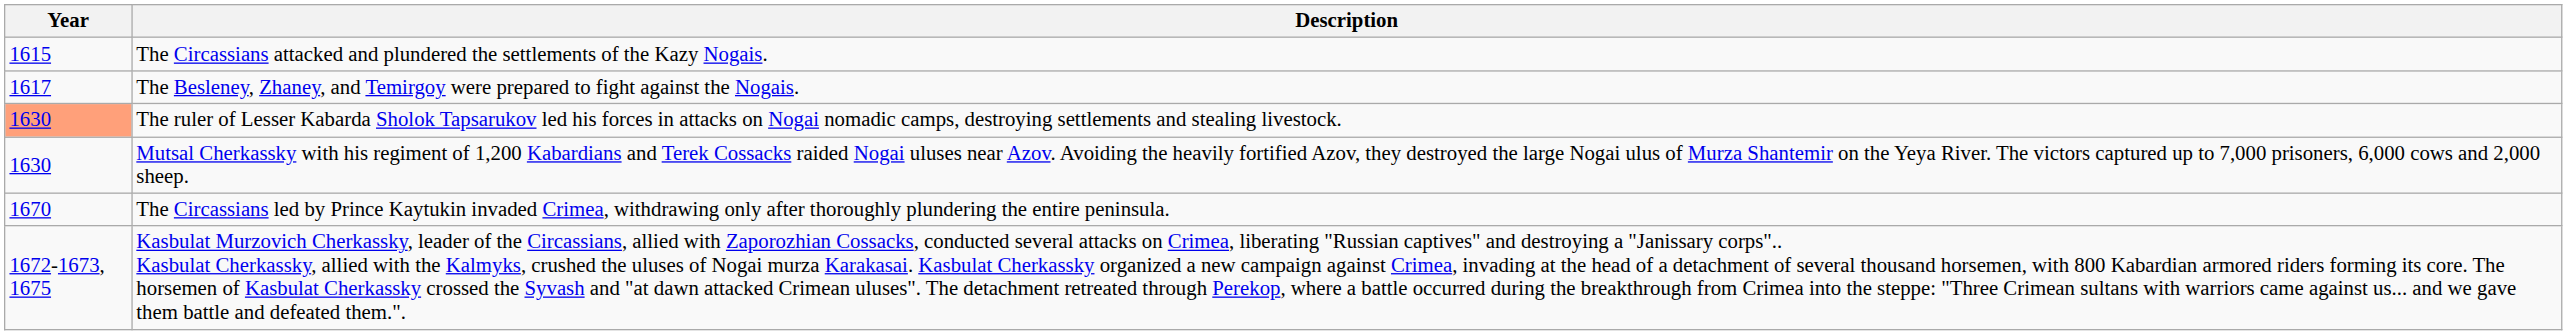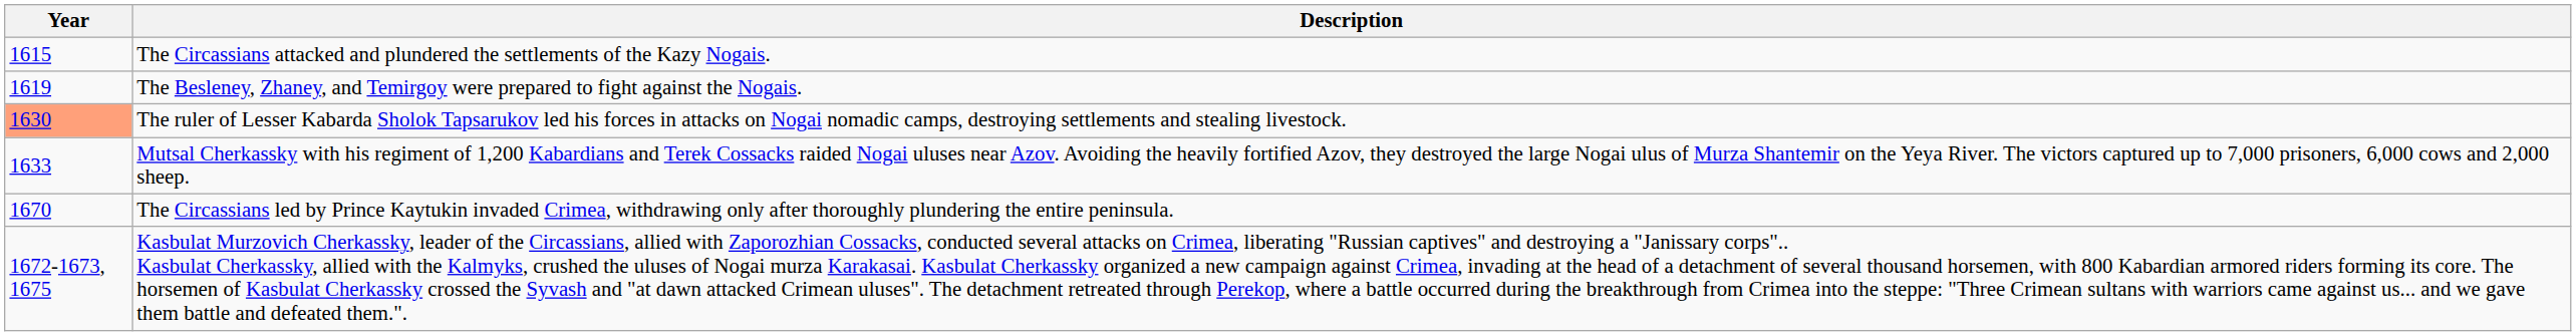 <table class="wikitable">
 <tr>
 <th>Year</th>
 <th>Description</th>
 </tr>
 <tr>
 <td><a href='#'>1615</a></td>
 <td>The <a href='#'>Circassians</a> attacked and plundered the settlements of the Kazy <a href='#'>Nogais</a>.</td>
 </tr>
 <tr>
-<td><a href='#'>1617</a></td>
+<td><a href='#'>1619</a></td>
 <td>The <a href='#'>Besleney</a>, <a href='#'>Zhaney</a>, and <a href='#'>Temirgoy</a> were prepared to fight against the <a href='#'>Nogais</a>.</td>
 </tr>
 <tr>
 <td style="background: lightsalmon;"><a href='#'>1630</a></td>
 <td>The ruler of Lesser Kabarda <a href='#'>Sholok Tapsarukov</a> led his forces in attacks on <a href='#'>Nogai</a> nomadic camps, destroying settlements and stealing livestock.</td>
 </tr>
 <tr>
-<td><a href='#'>1630</a></td>
+<td><a href='#'>1633</a></td>
 <td><a href='#'>Mutsal Cherkassky</a> with his regiment of 1,200 <a href='#'>Kabardians</a> and <a href='#'>Terek Cossacks</a> raided <a href='#'>Nogai</a> uluses near <a href='#'>Azov</a>. Avoiding the heavily fortified Azov, they destroyed the large Nogai ulus of <a href='#'>Murza Shantemir</a> on the Yeya River. The victors captured up to 7,000 prisoners, 6,000 cows and 2,000 sheep.</td>
 </tr>
 <tr>
 <td><a href='#'>1670</a></td>
 <td>The <a href='#'>Circassians</a> led by Prince Kaytukin invaded <a href='#'>Crimea</a>, withdrawing only after thoroughly plundering the entire peninsula.</td>
 </tr>
 <tr>
 <td><a href='#'>1672</a>-<a href='#'>1673</a>, <a href='#'>1675</a></td>
 <td><a href='#'>Kasbulat Murzovich Cherkassky</a>, leader of the <a href='#'>Circassians</a>, allied with <a href='#'>Zaporozhian Cossacks</a>, conducted several attacks on <a href='#'>Crimea</a>, liberating "Russian captives" and destroying a "Janissary corps"..<br><a href='#'>Kasbulat Cherkassky</a>, allied with the <a href='#'>Kalmyks</a>, crushed the uluses of Nogai murza <a href='#'>Karakasai</a>. <a href='#'>Kasbulat Cherkassky</a> organized a new campaign against <a href='#'>Crimea</a>, invading at the head of a detachment of several thousand horsemen, with 800 Kabardian armored riders forming its core. The horsemen of <a href='#'>Kasbulat Cherkassky</a> crossed the <a href='#'>Syvash</a> and "at dawn attacked Crimean uluses". The detachment retreated through <a href='#'>Perekop</a>, where a battle occurred during the breakthrough from Crimea into the steppe: "Three Crimean sultans with warriors came against us... and we gave them battle and defeated them.".</td>
 </tr>
 </table>
